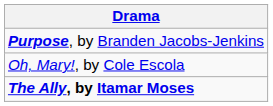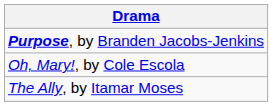 <table class="wikitable" style="float:left; float:none;">
 <tr>
 <th><a href='#'>Drama</a></th>
 </tr>
 <tr>
 <td><strong><em><a href='#'>Purpose</a></em></strong>, by <a href='#'>Branden Jacobs-Jenkins</a></td>
 </tr>
 <tr>
 <td><em><a href='#'>Oh, Mary!</a></em>, by <a href='#'>Cole Escola</a></td>
 </tr>
 <tr>
-<td><strong><em><a href='#'>The Ally</a></em>, by <a href='#'>Itamar Moses</a></strong></td>
+<td><em><a href='#'>The Ally</a></em>, by <a href='#'>Itamar Moses</a></td>
 </tr>
 </table>
